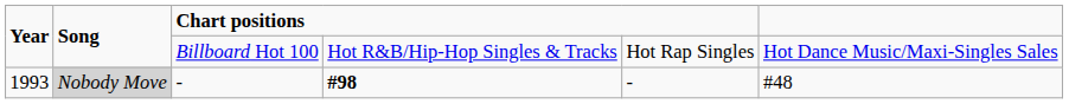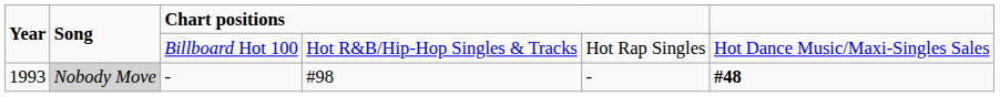 <table class="wikitable">
 <tr>
 <td rowspan="2"><strong>Year</strong></td>
 <td rowspan="2"><strong>Song</strong></td>
 <td colspan="3"><strong>Chart positions</strong></td>
 </tr>
 <tr>
 <td><a href='#'><em>Billboard</em> Hot 100</a></td>
 <td><a href='#'>Hot R&B/Hip-Hop Singles & Tracks</a></td>
 <td>Hot Rap Singles</td>
 <td><a href='#'>Hot Dance Music/Maxi-Singles Sales</a></td>
 </tr>
 <tr>
 <td>1993</td>
 <td style="background: lightgrey;"><em>Nobody Move</em></td>
 <td>-</td>
-<td><strong>#98</strong></td>
+<td>#98</td>
 <td>-</td>
-<td>#48</td>
+<td><strong>#48</strong></td>
 </tr>
 </table>
